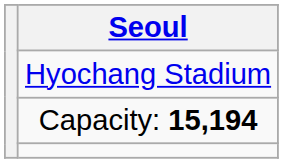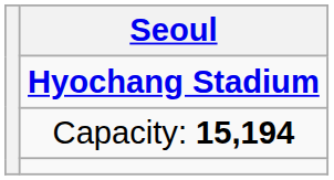 <table class="wikitable" style="text-align:center">
 <tr>
 <th rowspan=4></th>
 <th><a href='#'>Seoul</a></th>
 </tr>
 <tr>
-<td><a href='#'>Hyochang Stadium</a></td>
+<td><strong><a href='#'>Hyochang Stadium</a></strong></td>
 </tr>
 <tr>
 <td>Capacity: <strong>15,194</strong></td>
 </tr>
 <tr>
 <td></td>
 </tr>
 </table>
